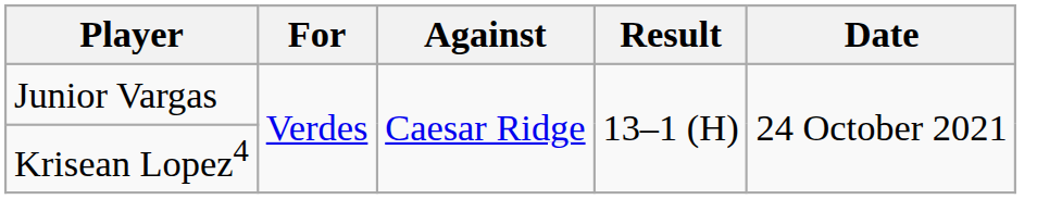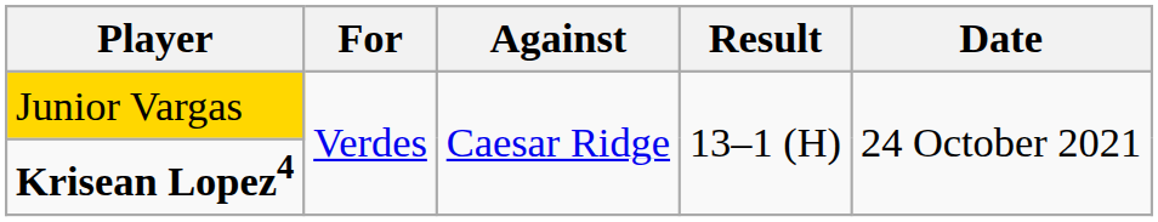 <table class="wikitable sortable">
 <tr>
 <th>Player</th>
 <th>For</th>
 <th>Against</th>
 <th style="text-align:center">Result</th>
 <th>Date</th>
 </tr>
 <tr>
-<td> Junior Vargas</td>
+<td style="background: gold;"> Junior Vargas</td>
 <td rowspan=2><a href='#'>Verdes</a></td>
 <td rowspan=2><a href='#'>Caesar Ridge</a></td>
 <td rowspan=2>13–1 (H)</td>
 <td rowspan=2>24 October 2021</td>
 </tr>
 <tr>
-<td> Krisean Lopez<sup>4</sup></td>
+<td><strong> Krisean Lopez<sup>4</sup></strong></td>
 </tr>
 </table>
